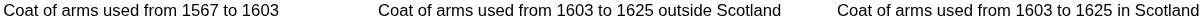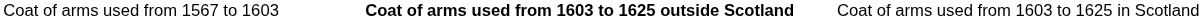 <table border="0" style="width:80%; margin:auto; text-align:center;">
 <tr>
 <th width=33%></th>
 <th width=33%></th>
 <th width=33%></th>
 </tr>
 <tr>
 <td>Coat of arms used from 1567 to 1603</td>
-<td>Coat of arms used from 1603 to 1625 outside Scotland</td>
+<td><strong>Coat of arms used from 1603 to 1625 outside Scotland</strong></td>
 <td>Coat of arms used from 1603 to 1625 in Scotland</td>
 </tr>
 </table>
